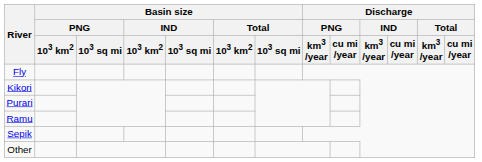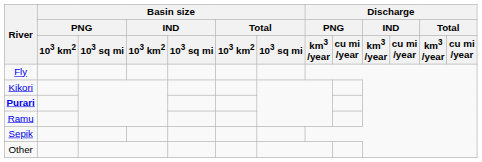 <table class="wikitable" style="text-align:center;">
 <tr>
 <th rowspan="3">River</th>
 <th colspan="6">Basin size</th>
 <th colspan="6">Discharge</th>
 </tr>
 <tr>
 <th colspan=2>PNG</th>
 <th colspan=2>IND</th>
 <th colspan=2>Total</th>
 <th colspan=2>PNG</th>
 <th colspan=2>IND</th>
 <th colspan=2>Total</th>
 </tr>
 <tr>
 <th>10<sup>3</sup> km<sup>2</sup></th>
 <th>10<sup>3</sup> sq mi</th>
 <th>10<sup>3</sup> km<sup>2</sup></th>
 <th>10<sup>3</sup> sq mi</th>
 <th>10<sup>3</sup> km<sup>2</sup></th>
 <th>10<sup>3</sup> sq mi</th>
 <th>km<sup>3</sup><br>/year</th>
 <th>cu mi<br>/year</th>
 <th>km<sup>3</sup><br>/year</th>
 <th>cu mi<br>/year</th>
 <th>km<sup>3</sup><br>/year</th>
 <th>cu mi<br>/year</th>
 </tr>
 <tr>
 <td><a href='#'>Fly</a></td>
 <td></td>
 <td></td>
 <td></td>
 <td></td>
 <td></td>
 <td></td>
 </tr>
 <tr>
 <td><a href='#'>Kikori</a></td>
 <td></td>
 <td rowspan="3" colspan=2></td>
 <td></td>
 <td></td>
 <td rowspan="3" colspan=2></td>
 <td></td>
 </tr>
 <tr>
-<td><a href='#'>Purari</a></td>
+<td><strong><a href='#'>Purari</a></strong></td>
 <td></td>
 <td></td>
 <td></td>
 <td></td>
 </tr>
 <tr>
 <td><a href='#'>Ramu</a></td>
 <td></td>
 <td></td>
 <td></td>
 <td></td>
 </tr>
 <tr>
 <td><a href='#'>Sepik</a></td>
 <td></td>
 <td></td>
 <td></td>
 <td></td>
 <td></td>
 <td></td>
 </tr>
 <tr>
 <td {{convert>Other</td>
 <td></td>
 <td colspan=2></td>
 <td></td>
 <td></td>
 <td colspan=2></td>
 <td></td>
 </tr>
 </table>
